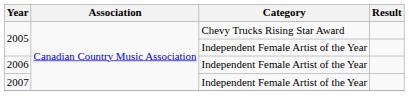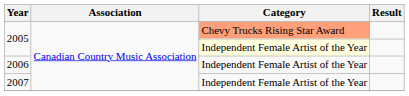 <table class="wikitable">
 <tr>
 <th>Year</th>
 <th>Association</th>
 <th>Category</th>
 <th>Result</th>
 </tr>
 <tr>
 <td rowspan="2">2005</td>
 <td rowspan="4"><a href='#'>Canadian Country Music Association</a></td>
-<td>Chevy Trucks Rising Star Award</td>
+<td style="background: lightsalmon;">Chevy Trucks Rising Star Award</td>
 <td></td>
 </tr>
 <tr>
-<td>Independent Female Artist of the Year</td>
+<td style="background: lightyellow;">Independent Female Artist of the Year</td>
 <td></td>
 </tr>
 <tr>
 <td>2006</td>
 <td>Independent Female Artist of the Year</td>
 <td></td>
 </tr>
 <tr>
 <td>2007</td>
 <td>Independent Female Artist of the Year</td>
 <td></td>
 </tr>
 <tr>
 </tr>
 </table>
